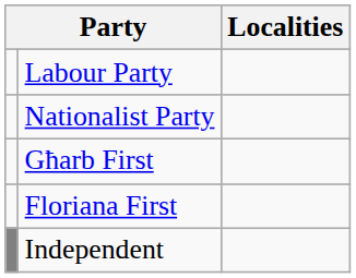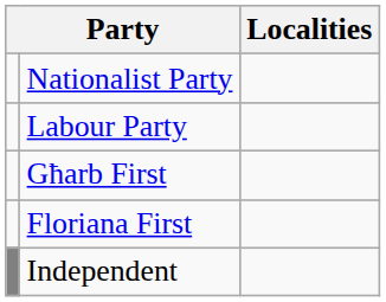 <table class="wikitable">
 <tr>
 <th colspan="2">Party</th>
 <th>Localities</th>
 </tr>
 <tr>
 <td style="background-color:"></td>
-<td><a href='#'>Labour Party</a></td>
+<td><a href='#'>Nationalist Party</a></td>
 <td></td>
 </tr>
 <tr>
 <td style="background-color:"></td>
-<td><a href='#'>Nationalist Party</a></td>
+<td><a href='#'>Labour Party</a></td>
 <td></td>
 </tr>
 <tr>
 <td style="background-color:"></td>
 <td><a href='#'>Għarb First</a></td>
 <td></td>
 </tr>
 <tr>
 <td style="background-color:"></td>
 <td><a href='#'>Floriana First</a></td>
 <td></td>
 </tr>
 <tr>
 <td style="background-color:gray"></td>
 <td>Independent</td>
 <td></td>
 </tr>
 </table>
